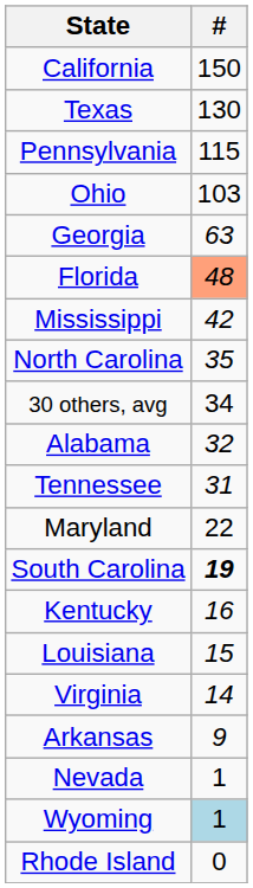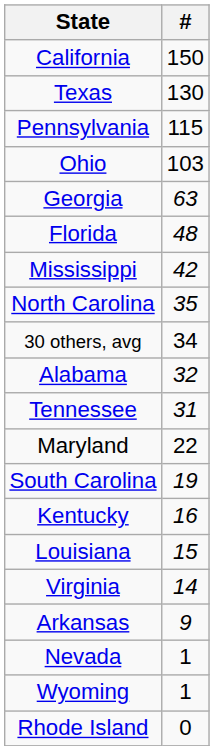 <table class="sortable wikitable"  style="text-align:center; margin:1em; float:right;">
 <tr>
 <th>State</th>
 <th>#</th>
 </tr>
 <tr>
 <td><a href='#'>California</a></td>
 <td>150</td>
 </tr>
 <tr>
 <td><a href='#'>Texas</a></td>
 <td>130</td>
 </tr>
 <tr>
 <td><a href='#'>Pennsylvania</a></td>
 <td>115</td>
 </tr>
 <tr>
 <td><a href='#'>Ohio</a></td>
 <td>103</td>
 </tr>
 <tr>
 <td><a href='#'>Georgia</a></td>
 <td><em>63</em></td>
 </tr>
 <tr>
 <td><a href='#'>Florida</a></td>
-<td style="background: lightsalmon;"><em>48</em></td>
+<td><em>48</em></td>
 </tr>
 <tr>
 <td><a href='#'>Mississippi</a></td>
 <td><em>42</em></td>
 </tr>
 <tr>
 <td><a href='#'>North Carolina</a></td>
 <td><em>35</em></td>
 </tr>
 <tr>
 <td><small>30 others, avg</small></td>
 <td>34   </td>
 </tr>
 <tr>
 <td><a href='#'>Alabama</a></td>
 <td><em>32</em></td>
 </tr>
 <tr>
 <td><a href='#'>Tennessee</a></td>
 <td><em>31</em></td>
 </tr>
 <tr>
 <td>Maryland</td>
 <td>22</td>
 </tr>
 <tr>
 <td><a href='#'>South Carolina</a></td>
-<td><strong><em>19</em></strong></td>
+<td><em>19</em></td>
 </tr>
 <tr>
 <td><a href='#'>Kentucky</a></td>
 <td><em>16</em></td>
 </tr>
 <tr>
 <td><a href='#'>Louisiana</a></td>
 <td><em>15</em></td>
 </tr>
 <tr>
 <td><a href='#'>Virginia</a></td>
 <td><em>14</em></td>
 </tr>
 <tr>
 <td><a href='#'>Arkansas</a></td>
 <td><em>9</em></td>
 </tr>
 <tr>
 <td><a href='#'>Nevada</a></td>
 <td>1</td>
 </tr>
 <tr>
 <td><a href='#'>Wyoming</a></td>
-<td style="background: lightblue;">1</td>
+<td>1</td>
 </tr>
 <tr>
 <td><a href='#'>Rhode Island</a></td>
 <td>0</td>
 </tr>
 </table>
